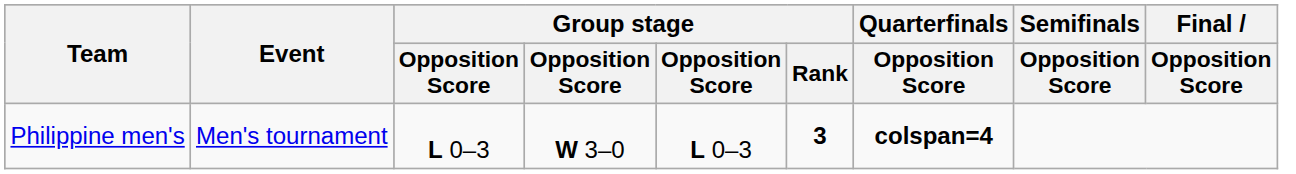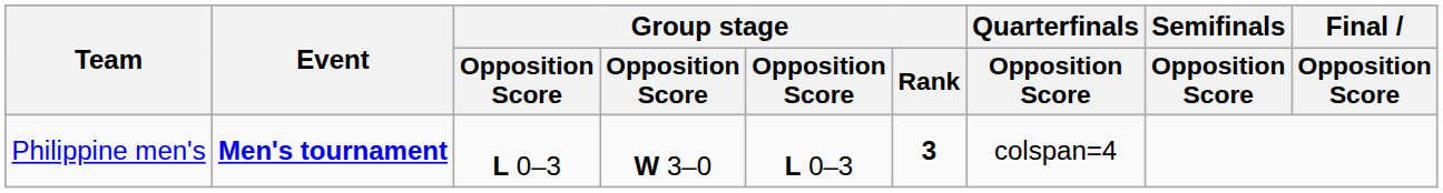 <table class=wikitable style=font-size:90%;text-align:center>
 <tr>
 <th rowspan=2>Team</th>
 <th rowspan=2>Event</th>
 <th colspan=4>Group stage</th>
 <th>Quarterfinals</th>
 <th>Semifinals</th>
 <th colspan=2>Final / </th>
 </tr>
 <tr style=font-size:95%>
 <th>Opposition<br>Score</th>
 <th>Opposition<br>Score</th>
 <th>Opposition<br>Score</th>
 <th>Rank</th>
 <th>Opposition<br>Score</th>
 <th>Opposition<br>Score</th>
 <th>Opposition<br>Score</th>
 </tr>
 <tr>
 <td align=left><a href='#'>Philippine men's</a></td>
-<td align=left><a href='#'>Men's tournament</a></td>
+<td align=left><strong><a href='#'>Men's tournament</a></strong></td>
 <td><br><strong>L</strong> 0–3</td>
 <td><br><strong>W</strong> 3–0</td>
 <td><br><strong>L</strong> 0–3</td>
 <td><strong>3</strong></td>
-<td><strong>colspan=4 </strong></td>
+<td>colspan=4 </td>
 </tr>
 </table>
